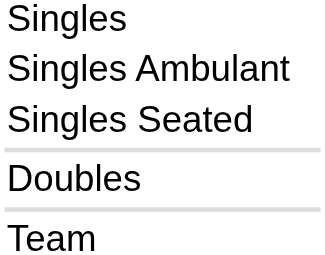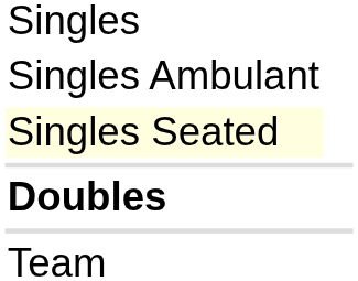 <table>
 <tr>
 <td>Singles</td>
 <td></td>
 <td></td>
 <td></td>
 </tr>
 <tr>
 <td>Singles Ambulant</td>
 <td></td>
 <td></td>
 <td></td>
 </tr>
 <tr>
-<td>Singles Seated</td>
+<td style="background: lightyellow;">Singles Seated</td>
 <td></td>
 <td></td>
 <td></td>
 </tr>
 <tr bgcolor=#ddd>
 <td colspan=8></td>
 </tr>
 <tr>
-<td>Doubles</td>
+<td><strong>Doubles</strong></td>
 <td></td>
 <td></td>
 <td></td>
 </tr>
 <tr bgcolor=#ddd>
 <td colspan=8></td>
 </tr>
 <tr>
 <td>Team</td>
 <td></td>
 <td></td>
 <td></td>
 </tr>
 </table>
